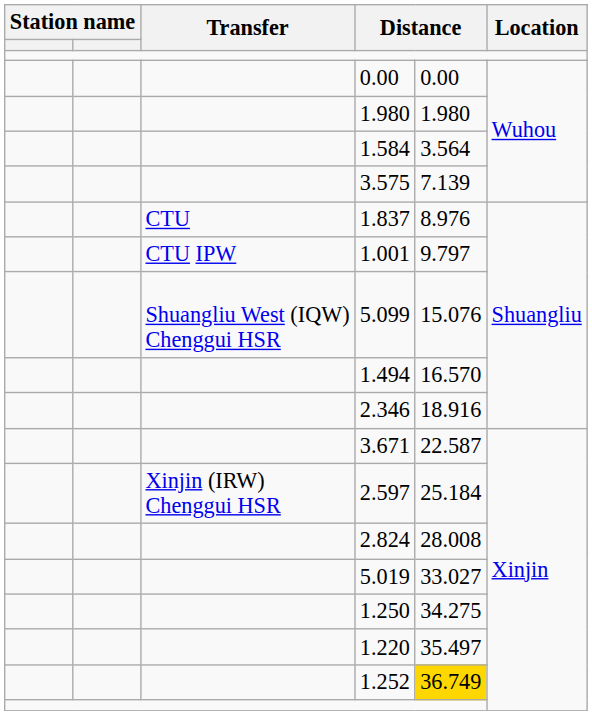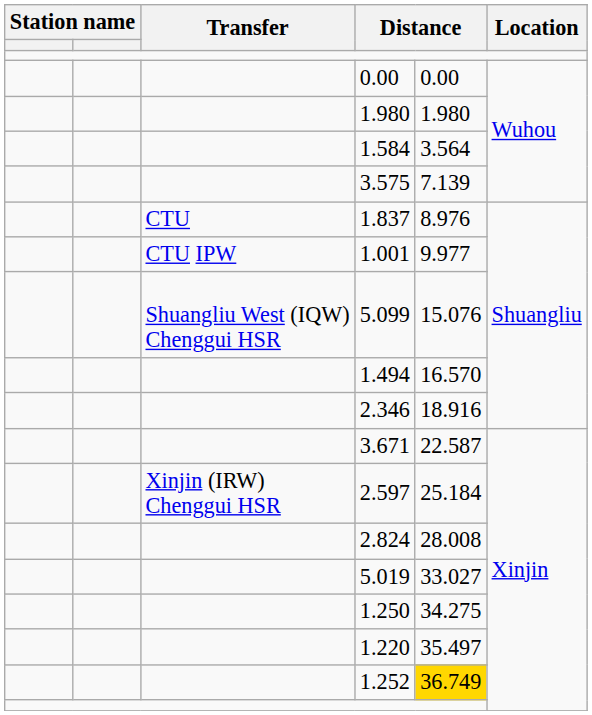 <table class="wikitable">
 <tr>
 <th colspan=2>Station name</th>
 <th rowspan=2>Transfer</th>
 <th colspan="2" rowspan="2">Distance<br></th>
 <th rowspan=2>Location</th>
 </tr>
 <tr>
 <th></th>
 <th></th>
 </tr>
 <tr style="background:#">
 <td colspan = "8"></td>
 </tr>
 <tr>
 <td></td>
 <td></td>
 <td> </td>
 <td>0.00</td>
 <td>0.00</td>
 <td rowspan = "4"><a href='#'>Wuhou</a></td>
 </tr>
 <tr>
 <td></td>
 <td></td>
 <td></td>
 <td>1.980</td>
 <td>1.980</td>
 </tr>
 <tr>
 <td></td>
 <td></td>
 <td></td>
 <td>1.584</td>
 <td>3.564</td>
 </tr>
 <tr>
 <td></td>
 <td></td>
 <td></td>
 <td>3.575</td>
 <td>7.139</td>
 </tr>
 <tr>
 <td></td>
 <td></td>
 <td> <a href='#'>CTU</a></td>
 <td>1.837</td>
 <td>8.976</td>
 <td rowspan="5"><a href='#'>Shuangliu</a></td>
 </tr>
 <tr>
 <td></td>
 <td></td>
 <td>  <a href='#'>CTU</a>  <a href='#'>IPW</a></td>
 <td>1.001</td>
-<td>9.797</td>
+<td>9.977</td>
 </tr>
 <tr>
 <td></td>
 <td></td>
 <td><br> <a href='#'>Shuangliu West</a> (IQW)<br><a href='#'>Chenggui HSR</a></td>
 <td>5.099</td>
 <td>15.076</td>
 </tr>
 <tr>
 <td></td>
 <td></td>
 <td></td>
 <td>1.494</td>
 <td>16.570</td>
 </tr>
 <tr>
 <td></td>
 <td></td>
 <td></td>
 <td>2.346</td>
 <td>18.916</td>
 </tr>
 <tr>
 <td></td>
 <td></td>
 <td></td>
 <td>3.671</td>
 <td>22.587</td>
 <td rowspan="8"><a href='#'>Xinjin</a></td>
 </tr>
 <tr>
 <td></td>
 <td></td>
 <td> <a href='#'>Xinjin</a> (IRW)<br><a href='#'>Chenggui HSR</a></td>
 <td>2.597</td>
 <td>25.184</td>
 </tr>
 <tr>
 <td></td>
 <td></td>
 <td></td>
 <td>2.824</td>
 <td>28.008</td>
 </tr>
 <tr>
 <td></td>
 <td></td>
 <td></td>
 <td>5.019</td>
 <td>33.027</td>
 </tr>
 <tr>
 <td></td>
 <td></td>
 <td></td>
 <td>1.250</td>
 <td>34.275</td>
 </tr>
 <tr>
 <td></td>
 <td></td>
 <td></td>
 <td>1.220</td>
 <td>35.497</td>
 </tr>
 <tr>
 <td></td>
 <td></td>
 <td></td>
 <td>1.252</td>
 <td style="background: gold;">36.749</td>
 </tr>
 <tr style="background:#">
 <td colspan="6"></td>
 </tr>
 </table>
